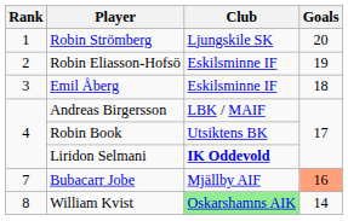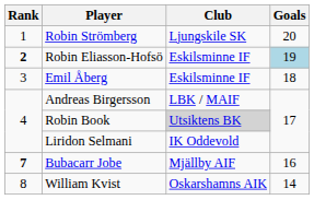 <table class="wikitable" style="text-align:center">
 <tr>
 <th>Rank</th>
 <th>Player</th>
 <th>Club</th>
 <th>Goals</th>
 </tr>
 <tr>
 <td>1</td>
 <td align="left"> <a href='#'>Robin Strömberg</a></td>
 <td align="left"><a href='#'>Ljungskile SK</a></td>
 <td>20</td>
 </tr>
 <tr>
-<td>2</td>
+<td><strong>2</strong></td>
 <td align="left"> Robin Eliasson-Hofsö</td>
 <td align="left"><a href='#'>Eskilsminne IF</a></td>
-<td>19</td>
+<td style="background: lightblue;">19</td>
 </tr>
 <tr>
 <td>3</td>
 <td align="left"> <a href='#'>Emil Åberg</a></td>
 <td align="left"><a href='#'>Eskilsminne IF</a></td>
 <td>18</td>
 </tr>
 <tr>
 <td rowspan="3">4</td>
 <td align="left"> Andreas Birgersson</td>
 <td align="left"><a href='#'>LBK</a> / <a href='#'>MAIF</a></td>
 <td rowspan="3">17</td>
 </tr>
 <tr>
 <td align="left"> Robin Book</td>
-<td align="left"><a href='#'>Utsiktens BK</a></td>
+<td align="left" style="background: lightgrey;"><a href='#'>Utsiktens BK</a></td>
 </tr>
 <tr>
 <td align="left"> Liridon Selmani</td>
-<td align="left"><strong><a href='#'>IK Oddevold</a></strong></td>
+<td align="left"><a href='#'>IK Oddevold</a></td>
 </tr>
 <tr>
-<td>7</td>
+<td><strong>7</strong></td>
 <td align="left"> <a href='#'>Bubacarr Jobe</a></td>
 <td align="left"><a href='#'>Mjällby AIF</a></td>
-<td style="background: lightsalmon;">16</td>
+<td>16</td>
 </tr>
 <tr>
 <td>8</td>
 <td align="left"> William Kvist</td>
-<td align="left" style="background: lightgreen;"><a href='#'>Oskarshamns AIK</a></td>
+<td align="left"><a href='#'>Oskarshamns AIK</a></td>
 <td>14</td>
 </tr>
 </table>
